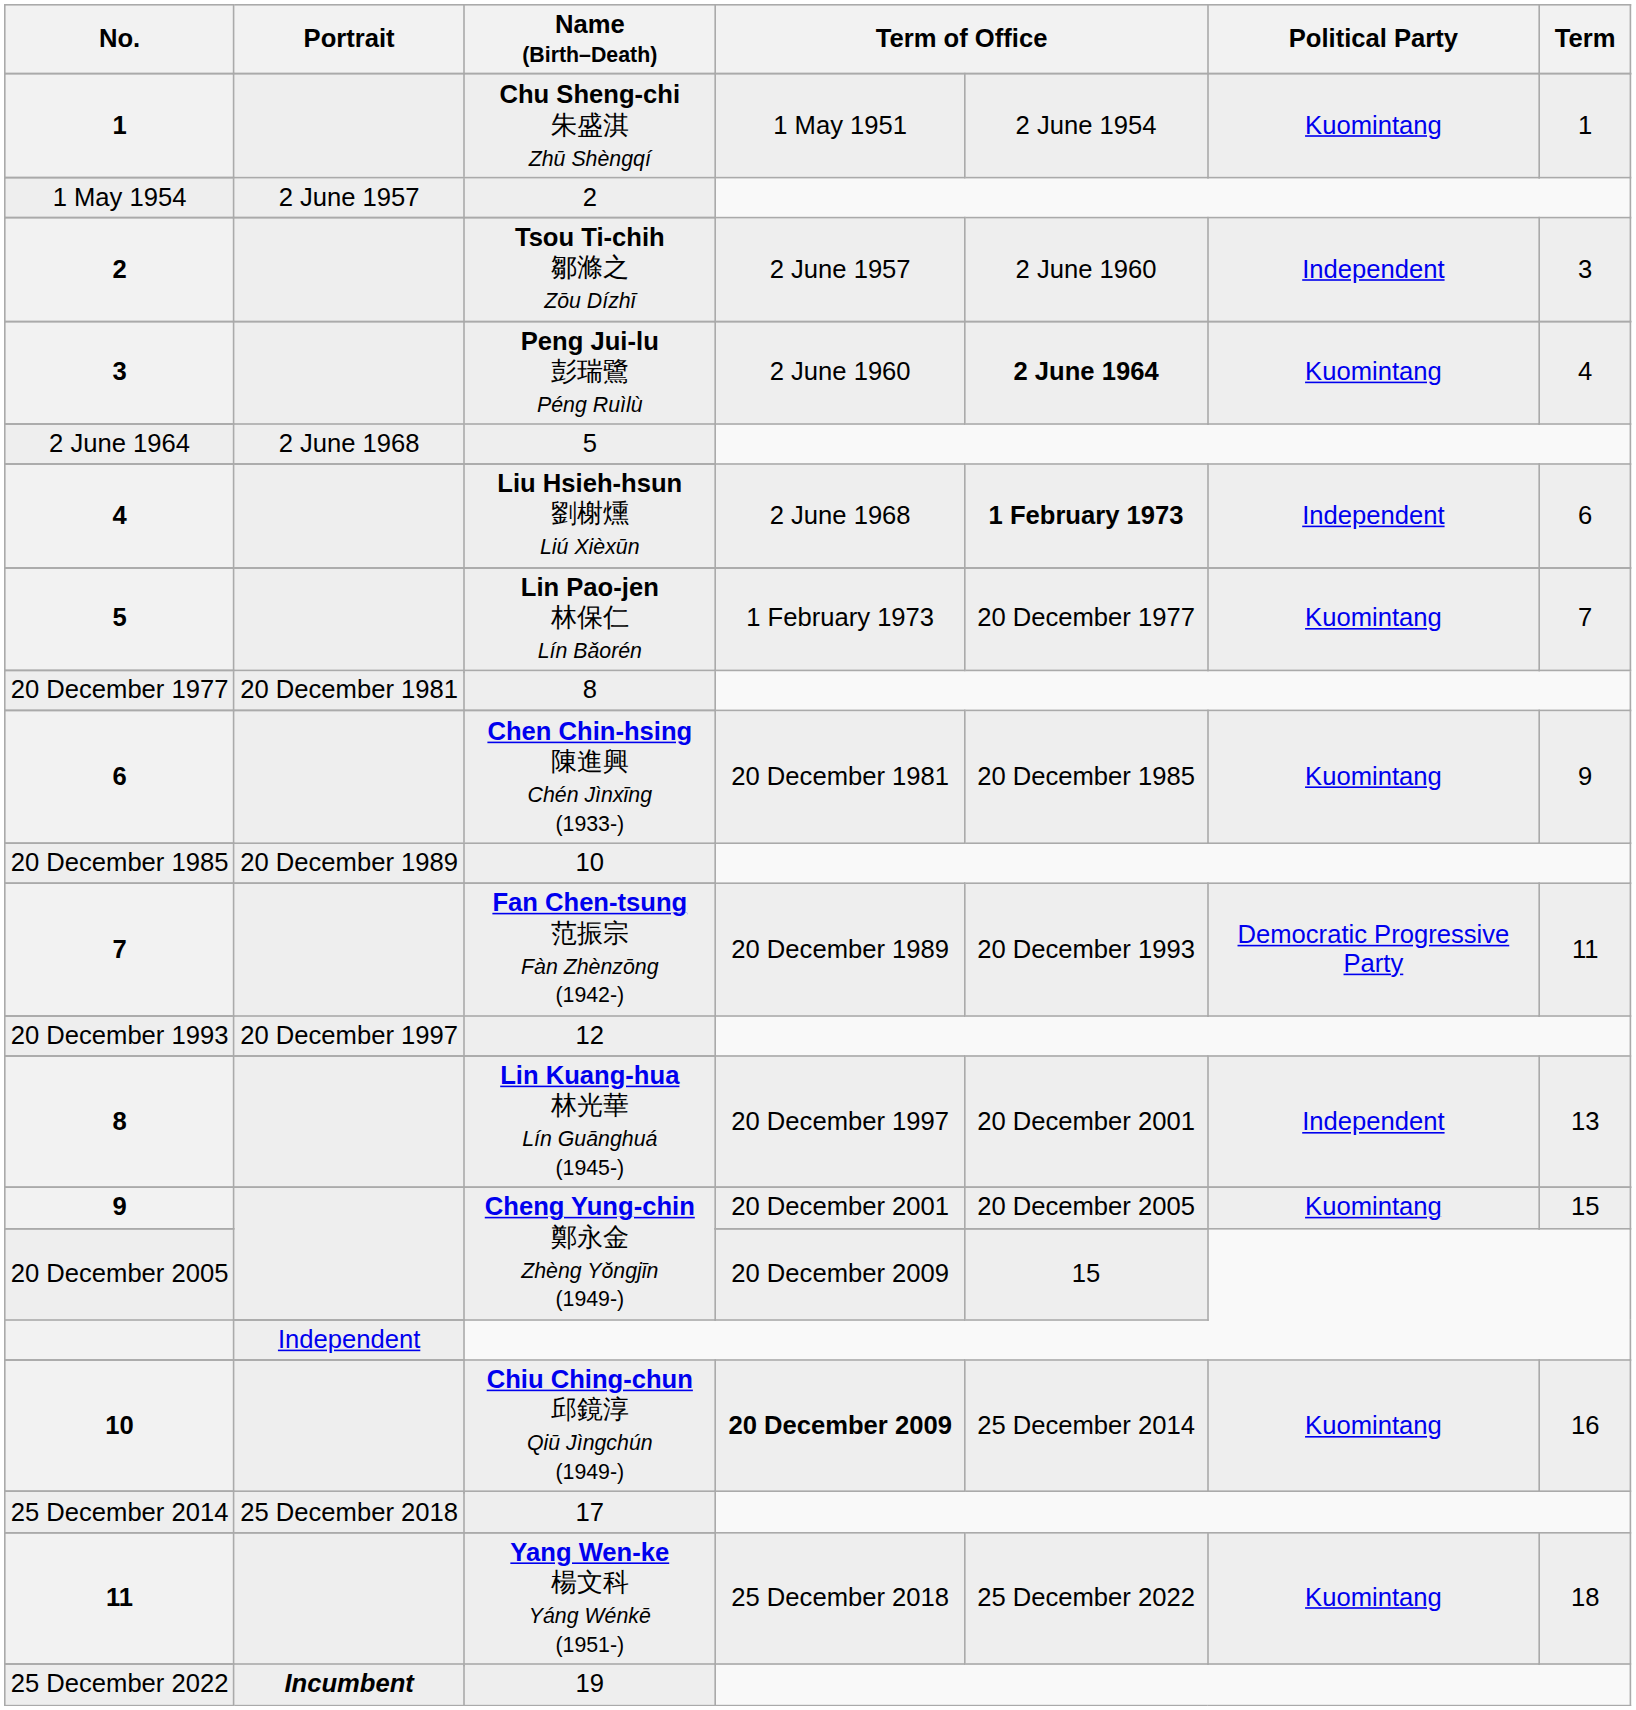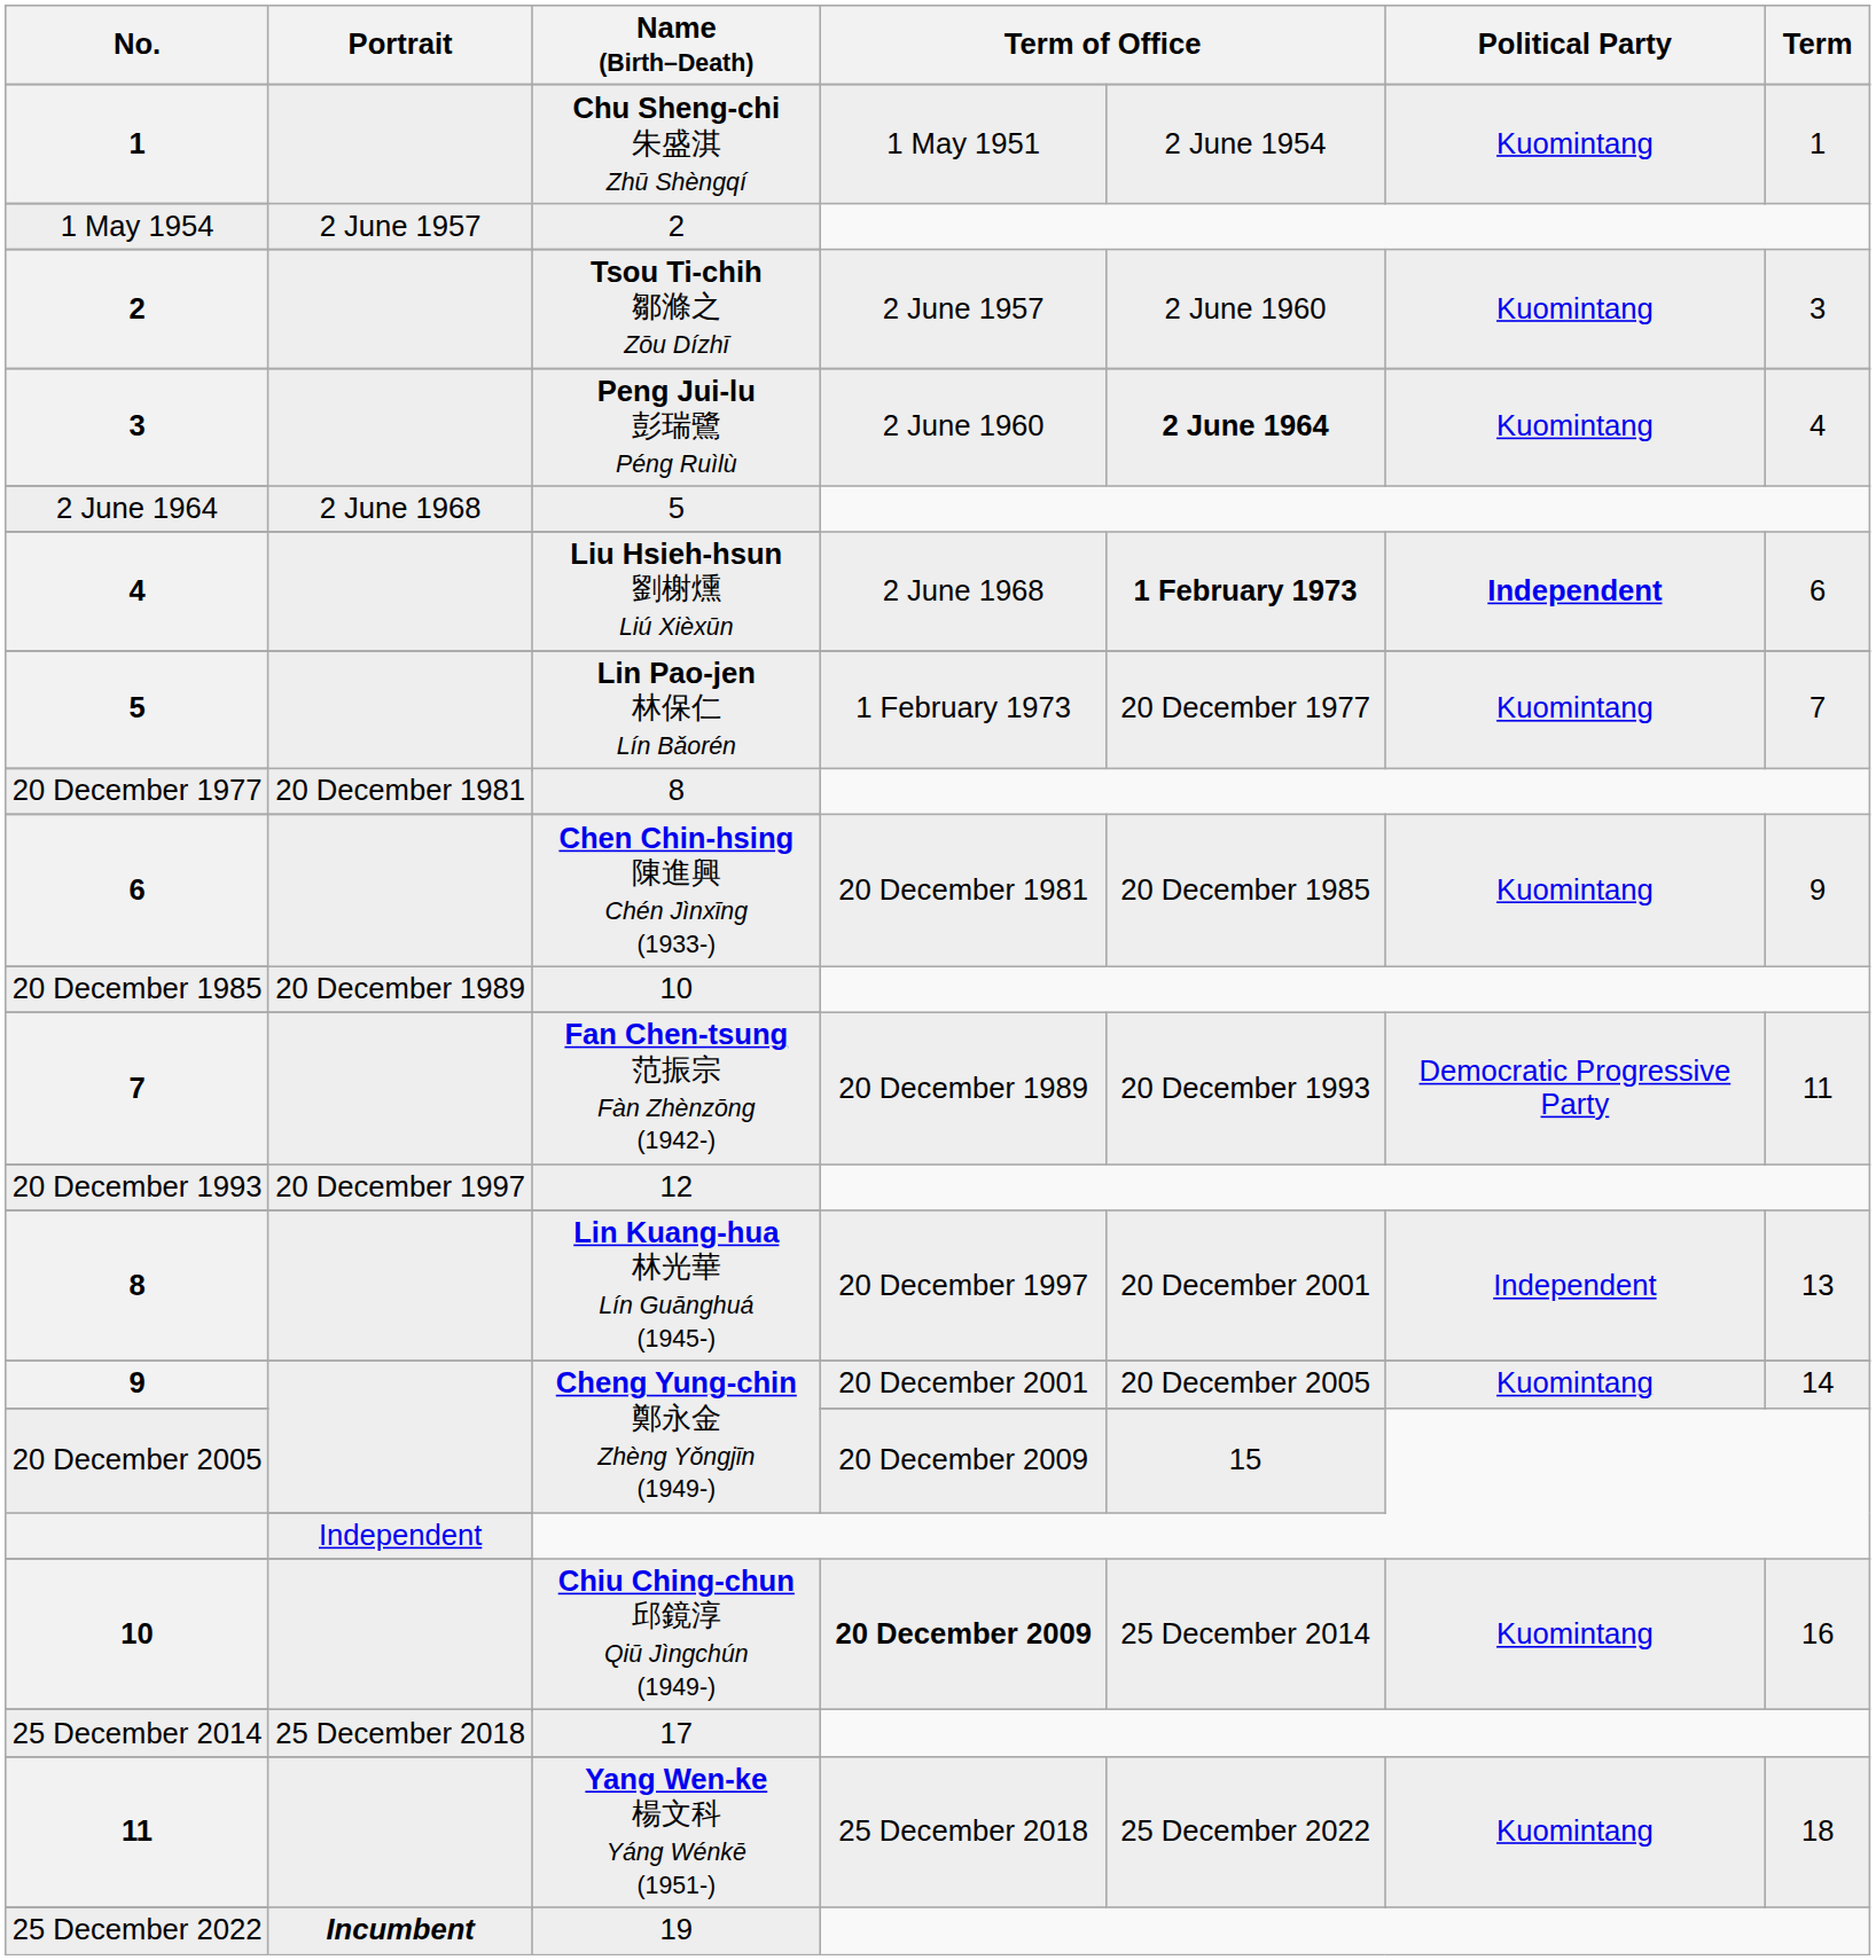 <table class="wikitable" style="text-align:center">
 <tr ->
 <th>No.</th>
 <th>Portrait</th>
 <th width="150">Name<br><small>(Birth–Death)</small></th>
 <th colspan=2 width="300">Term of Office</th>
 <th width="200">Political Party</th>
 <th width = "50">Term</th>
 </tr>
 <tr ->
 </tr>
 <tr - bgcolor=#EEEEEE>
 <th style="background:">1</th>
 <td rowspan=2></td>
 <td rowspan=2><strong>Chu Sheng-chi</strong><br><span>朱盛淇</span><br><small><em>Zhū Shèngqí </em><br></small></td>
 <td>1 May 1951</td>
 <td>2 June 1954</td>
 <td rowspan=2><a href='#'>Kuomintang</a></td>
 <td>1</td>
 </tr>
 <tr ->
 </tr>
 <tr - bgcolor=#EEEEEE>
 <td>1 May 1954</td>
 <td>2 June 1957</td>
 <td>2</td>
 </tr>
 <tr ->
 </tr>
 <tr - bgcolor=#EEEEEE>
 <th style="background:">2</th>
 <td></td>
 <td><strong>Tsou Ti-chih</strong><br><span>鄒滌之</span><br><small><em>Zōu Dízhī </em><br></small></td>
 <td>2 June 1957</td>
 <td>2 June 1960</td>
-<td><a href='#'>Independent</a></td>
+<td><a href='#'>Kuomintang</a></td>
 <td>3</td>
 </tr>
 <tr ->
 </tr>
 <tr - bgcolor=#EEEEEE>
 <th style="background:">3</th>
 <td rowspan=2></td>
 <td rowspan=2><strong>Peng Jui-lu</strong><br><span>彭瑞鷺</span><br><small><em>Péng Ruìlù </em><br></small></td>
 <td>2 June 1960</td>
 <td><strong>2 June 1964</strong></td>
 <td rowspan=2><a href='#'>Kuomintang</a></td>
 <td>4</td>
 </tr>
 <tr ->
 </tr>
 <tr - bgcolor=#EEEEEE>
 <td>2 June 1964</td>
 <td>2 June 1968</td>
 <td>5</td>
 </tr>
 <tr ->
 </tr>
 <tr - bgcolor=#EEEEEE>
 <th style="background:">4</th>
 <td></td>
 <td><strong>Liu Hsieh-hsun</strong><br><span>劉榭燻</span><br><small><em>Liú Xièxūn </em><br></small></td>
 <td>2 June 1968</td>
 <td><strong>1 February 1973</strong></td>
-<td><a href='#'>Independent</a></td>
+<td><strong><a href='#'>Independent</a></strong></td>
 <td>6</td>
 </tr>
 <tr ->
 </tr>
 <tr - bgcolor=#EEEEEE>
 <th style="background:">5</th>
 <td rowspan=2></td>
 <td rowspan=2><strong>Lin Pao-jen</strong><br><span>林保仁</span><br><small><em>Lín Bǎorén </em><br></small></td>
 <td>1 February 1973</td>
 <td>20 December 1977</td>
 <td rowspan=2><a href='#'>Kuomintang</a></td>
 <td>7</td>
 </tr>
 <tr ->
 </tr>
 <tr - bgcolor=#EEEEEE>
 <td>20 December 1977</td>
 <td>20 December 1981</td>
 <td>8</td>
 </tr>
 <tr ->
 </tr>
 <tr - bgcolor=#EEEEEE>
 <th style="background:">6</th>
 <td rowspan=2></td>
 <td rowspan=2><strong><a href='#'>Chen Chin-hsing</a></strong><br><span>陳進興</span><br><small><em>Chén Jìnxīng </em><br>(1933-)</small></td>
 <td>20 December 1981</td>
 <td>20 December 1985</td>
 <td rowspan=2><a href='#'>Kuomintang</a></td>
 <td>9</td>
 </tr>
 <tr ->
 </tr>
 <tr - bgcolor=#EEEEEE>
 <td>20 December 1985</td>
 <td>20 December 1989</td>
 <td>10</td>
 </tr>
 <tr ->
 </tr>
 <tr - bgcolor=#EEEEEE>
 <th style="background:">7</th>
 <td rowspan=2></td>
 <td rowspan=2><strong><a href='#'>Fan Chen-tsung</a></strong><br><span>范振宗</span><br><small><em>Fàn Zhènzōng </em><br>(1942-)</small></td>
 <td>20 December 1989</td>
 <td>20 December 1993</td>
 <td rowspan=2><a href='#'>Democratic Progressive Party</a></td>
 <td>11</td>
 </tr>
 <tr ->
 </tr>
 <tr - bgcolor=#EEEEEE>
 <td>20 December 1993</td>
 <td>20 December 1997</td>
 <td>12</td>
 </tr>
 <tr ->
 </tr>
 <tr - bgcolor=#EEEEEE>
 <th style="background:">8</th>
 <td></td>
 <td><strong><a href='#'>Lin Kuang-hua</a></strong><br><span>林光華</span><br><small><em>Lín Guānghuá </em><br>(1945-)</small></td>
 <td>20 December 1997</td>
 <td>20 December 2001</td>
 <td><a href='#'>Independent</a></td>
 <td>13</td>
 </tr>
 <tr ->
 </tr>
 <tr - bgcolor=#EEEEEE>
 <th style="background:">9</th>
 <td rowspan=3></td>
 <td rowspan=3><strong><a href='#'>Cheng Yung-chin</a></strong><br><span>鄭永金</span><br><small><em>Zhèng Yǒngjīn </em><br>(1949-)</small></td>
 <td>20 December 2001</td>
 <td>20 December 2005</td>
 <td rowspan=2><a href='#'>Kuomintang</a></td>
-<td>15</td>
+<td>14</td>
 </tr>
 <tr ->
 </tr>
 <tr - bgcolor=#EEEEEE>
 <td rowspan=2>20 December 2005</td>
 <td rowspan=2>20 December 2009</td>
 <td rowspan=2>15</td>
 </tr>
 <tr ->
 </tr>
 <tr - bgcolor=#EEEEEE>
 <th style="background:"></th>
 <td><a href='#'>Independent</a></td>
 </tr>
 <tr ->
 </tr>
 <tr - bgcolor=#EEEEEE>
 <th style="background:">10</th>
 <td rowspan=2></td>
 <td rowspan=2><strong><a href='#'>Chiu Ching-chun</a></strong><br><span>邱鏡淳</span><br><small><em>Qiū Jìngchún </em><br>(1949-)</small></td>
 <td><strong>20 December 2009</strong></td>
 <td>25 December 2014</td>
 <td rowspan=2><a href='#'>Kuomintang</a></td>
 <td>16</td>
 </tr>
 <tr ->
 </tr>
 <tr - bgcolor=#EEEEEE>
 <td>25 December 2014</td>
 <td>25 December 2018</td>
 <td>17</td>
 </tr>
 <tr>
 </tr>
 <tr - bgcolor=#EEEEEE>
 <th style="background:">11</th>
 <td rowspan=2></td>
 <td rowspan=2><strong><a href='#'>Yang Wen-ke</a></strong><br><span>楊文科</span><br><small><em>Yáng Wénkē </em><br>(1951-)</small></td>
 <td>25 December 2018</td>
 <td>25 December 2022</td>
 <td rowspan=2><a href='#'>Kuomintang</a></td>
 <td>18</td>
 </tr>
 <tr ->
 </tr>
 <tr - bgcolor=#EEEEEE>
 <td>25 December 2022</td>
 <td><strong><em>Incumbent</em></strong></td>
 <td>19</td>
 </tr>
 </table>
